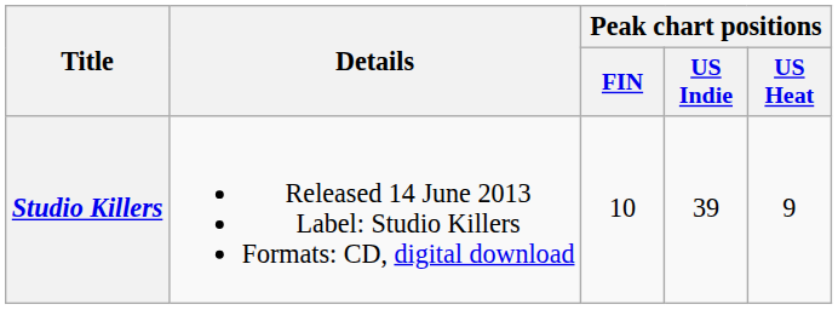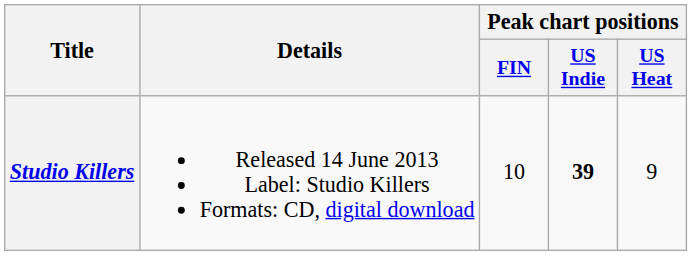 <table class="wikitable plainrowheaders" style="text-align:center;">
 <tr>
 <th scope="col" rowspan="2">Title</th>
 <th scope="col" rowspan="2">Details</th>
 <th scope="col" colspan="3">Peak chart positions</th>
 </tr>
 <tr>
 <th scope="col" style="width:3em;font-size:90%;"><a href='#'>FIN</a><br></th>
 <th scope="col" style="width:3em;font-size:90%;"><a href='#'>US Indie</a><br></th>
 <th scope="col" style="width:3em;font-size:90%;"><a href='#'>US Heat</a><br></th>
 </tr>
 <tr>
 <th scope="row"><em><a href='#'>Studio Killers</a></em></th>
 <td><br><ul><li>Released 14 June 2013</li><li>Label: Studio Killers</li><li>Formats: CD, <a href='#'>digital download</a></li></ul></td>
 <td>10</td>
-<td>39</td>
+<td><strong>39</strong></td>
 <td>9</td>
 </tr>
 </table>
